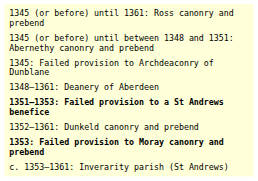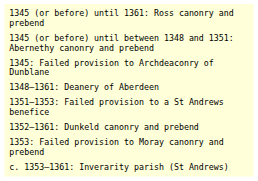 <table class="toccolours" style="float: right; margin-left: 1em; margin-right: 2em; font-size: 85%; background:#ffffd9; color:black; width:30em; max-width: 40%;" cellspacing="5">
 <tr>
 <td style="text-align: left;">1345 (or before) until 1361: Ross canonry and prebend</td>
 </tr>
 <tr>
 <td style="text-align: left;">1345 (or before) until between 1348 and 1351: Abernethy canonry and prebend</td>
 </tr>
 <tr>
 <td style="text-align: left;">1345: Failed provision to Archdeaconry of Dunblane</td>
 </tr>
 <tr>
 <td style="text-align: left;">1348–1361: Deanery of Aberdeen</td>
 </tr>
 <tr>
-<td style="text-align: left;"><strong>1351–1353: Failed provision to a St Andrews benefice</strong></td>
+<td style="text-align: left;">1351–1353: Failed provision to a St Andrews benefice</td>
 </tr>
 <tr>
 <td style="text-align: left;">1352–1361: Dunkeld canonry and prebend</td>
 </tr>
 <tr>
-<td style="text-align: left;"><strong>1353: Failed provision to Moray canonry and prebend</strong></td>
+<td style="text-align: left;">1353: Failed provision to Moray canonry and prebend</td>
 </tr>
 <tr>
 <td style="text-align: left;">c. 1353–1361: Inverarity parish (St Andrews)</td>
 </tr>
 </table>
